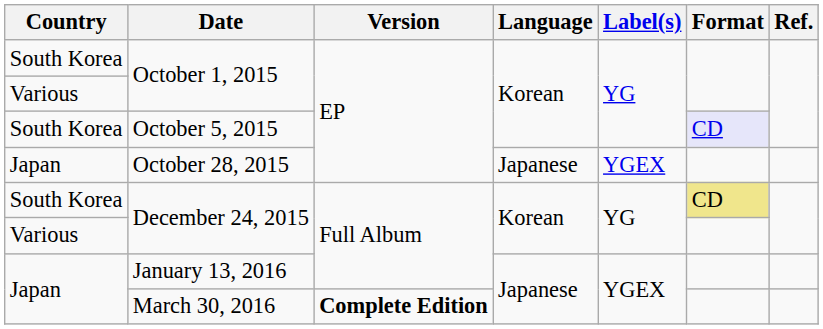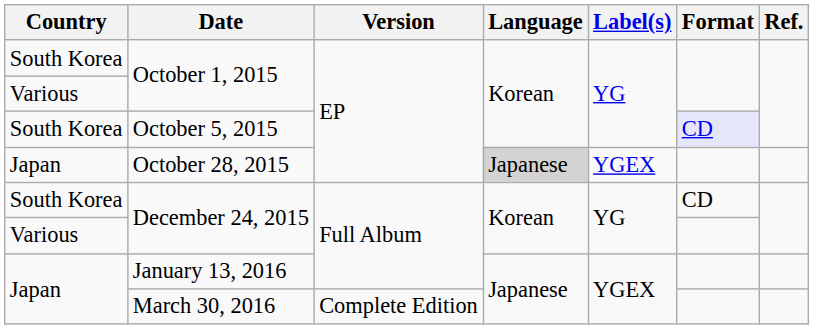 <table class="wikitable">
 <tr>
 <th>Country</th>
 <th>Date</th>
 <th>Version</th>
 <th>Language</th>
 <th><a href='#'>Label(s)</a></th>
 <th>Format</th>
 <th>Ref.</th>
 </tr>
 <tr>
 <td>South Korea</td>
 <td rowspan="2">October 1, 2015</td>
 <td rowspan="4">EP</td>
 <td rowspan="3">Korean</td>
 <td rowspan="3"><a href='#'>YG</a></td>
 <td rowspan="2"></td>
 <td rowspan="3"></td>
 </tr>
 <tr>
 <td>Various</td>
 </tr>
 <tr>
 <td>South Korea</td>
 <td>October 5, 2015</td>
 <td style="background: lavender;"><a href='#'>CD</a></td>
 </tr>
 <tr>
 <td>Japan</td>
 <td>October 28, 2015</td>
-<td>Japanese</td>
+<td style="background: lightgrey;">Japanese</td>
 <td><a href='#'>YGEX</a></td>
 <td></td>
 <td></td>
 </tr>
 <tr>
 <td>South Korea</td>
 <td rowspan="2">December 24, 2015</td>
 <td rowspan="3">Full Album</td>
 <td rowspan="2">Korean</td>
 <td rowspan="2">YG</td>
-<td style="background: khaki;">CD</td>
+<td>CD</td>
 <td rowspan="2"></td>
 </tr>
 <tr>
 <td>Various</td>
 <td></td>
 </tr>
 <tr>
 <td rowspan="2">Japan</td>
 <td>January 13, 2016</td>
 <td rowspan="2">Japanese</td>
 <td rowspan="2">YGEX</td>
 <td></td>
 <td></td>
 </tr>
 <tr>
 <td>March 30, 2016</td>
-<td><strong>Complete Edition</strong></td>
+<td>Complete Edition</td>
 <td></td>
 <td></td>
 </tr>
 </table>
